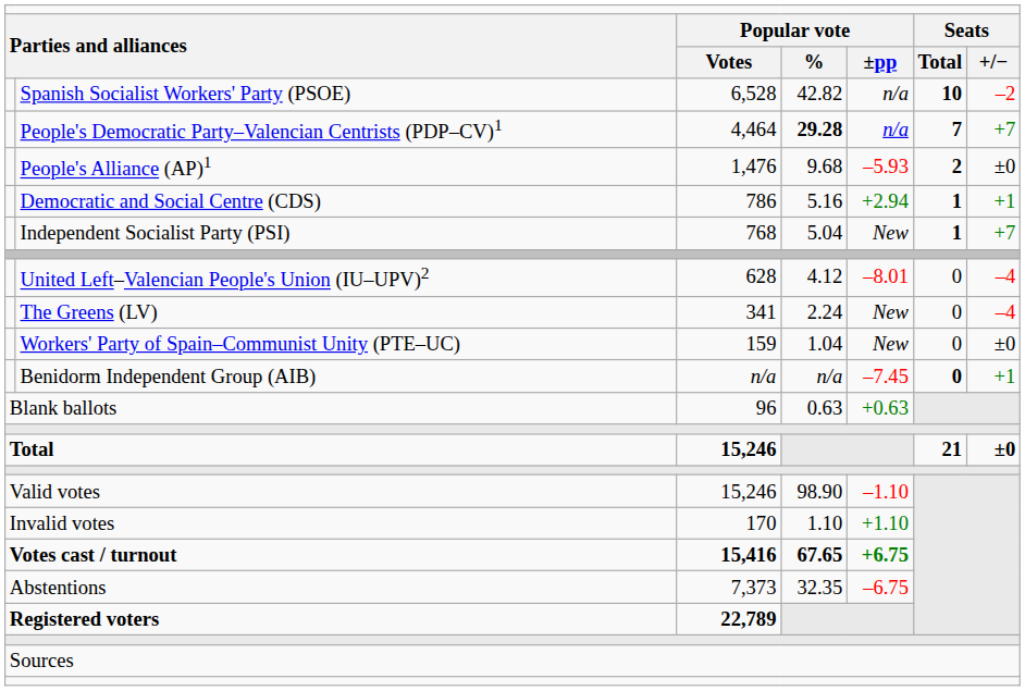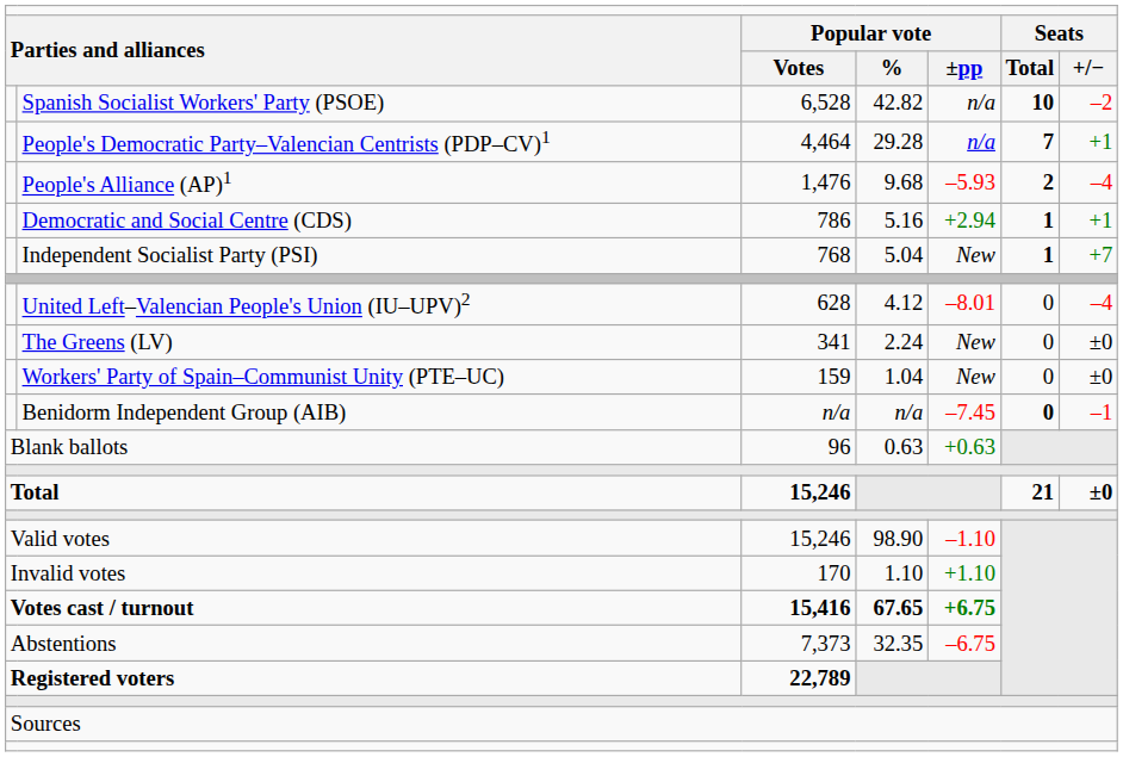 <table class="wikitable" style="text-align:right;">
 <tr>
 <td colspan="7"></td>
 </tr>
 <tr>
 <th style="text-align:left;" rowspan="2" colspan="2" width="525">Parties and alliances</th>
 <th colspan="3">Popular vote</th>
 <th colspan="2">Seats</th>
 </tr>
 <tr>
 <th width="75">Votes</th>
 <th width="45">%</th>
 <th width="45">±<a href='#'>pp</a></th>
 <th width="35">Total</th>
 <th width="35">+/−</th>
 </tr>
 <tr>
 <td width="1" style="color:inherit;background:"></td>
 <td align="left"><a href='#'>Spanish Socialist Workers' Party</a> (PSOE)</td>
 <td>6,528</td>
 <td>42.82</td>
 <td><em>n/a</em></td>
 <td><strong>10</strong></td>
 <td style="color:red;">–2</td>
 </tr>
 <tr>
 <td style="color:inherit;background:"></td>
 <td align="left"><a href='#'>People's Democratic Party–Valencian Centrists</a> (PDP–CV)<sup>1</sup></td>
 <td>4,464</td>
-<td><strong>29.28</strong></td>
+<td>29.28</td>
 <td><em><a href='#'>n/a</a></em></td>
 <td><strong>7</strong></td>
-<td style="color:green;">+7</td>
+<td style="color:green;">+1</td>
 </tr>
 <tr>
 <td style="color:inherit;background:"></td>
 <td align="left"><a href='#'>People's Alliance</a> (AP)<sup>1</sup></td>
 <td>1,476</td>
 <td>9.68</td>
 <td style="color:red;">–5.93</td>
 <td><strong>2</strong></td>
-<td>±0</td>
+<td style="color:red;">–4</td>
 </tr>
 <tr>
 <td style="color:inherit;background:"></td>
 <td align="left"><a href='#'>Democratic and Social Centre</a> (CDS)</td>
 <td>786</td>
 <td>5.16</td>
 <td style="color:green;">+2.94</td>
 <td><strong>1</strong></td>
 <td style="color:green;">+1</td>
 </tr>
 <tr>
 <td style="color:inherit;background:"></td>
 <td align="left">Independent Socialist Party (PSI)</td>
 <td>768</td>
 <td>5.04</td>
 <td><em>New</em></td>
 <td><strong>1</strong></td>
 <td style="color:green;">+7</td>
 </tr>
 <tr>
 <td colspan="7" bgcolor="#C0C0C0"></td>
 </tr>
 <tr>
 <td style="color:inherit;background:"></td>
 <td align="left"><a href='#'>United Left</a>–<a href='#'>Valencian People's Union</a> (IU–UPV)<sup>2</sup></td>
 <td>628</td>
 <td>4.12</td>
 <td style="color:red;">–8.01</td>
 <td>0</td>
 <td style="color:red;">–4</td>
 </tr>
 <tr>
 <td style="color:inherit;background:"></td>
 <td align="left"><a href='#'>The Greens</a> (LV)</td>
 <td>341</td>
 <td>2.24</td>
 <td><em>New</em></td>
 <td>0</td>
-<td style="color:red;">–4</td>
+<td>±0</td>
 </tr>
 <tr>
 <td style="color:inherit;background:"></td>
 <td align="left"><a href='#'>Workers' Party of Spain–Communist Unity</a> (PTE–UC)</td>
 <td>159</td>
 <td>1.04</td>
 <td><em>New</em></td>
 <td>0</td>
 <td>±0</td>
 </tr>
 <tr>
 <td style="color:inherit;background:"></td>
 <td align="left">Benidorm Independent Group (AIB)</td>
 <td><em>n/a</em></td>
 <td><em>n/a</em></td>
 <td style="color:red;">–7.45</td>
 <td><strong>0</strong></td>
-<td style="color:green;">+1</td>
+<td style="color:red;">–1</td>
 </tr>
 <tr>
 <td align="left" colspan="2">Blank ballots</td>
 <td>96</td>
 <td>0.63</td>
 <td style="color:green;">+0.63</td>
 <td bgcolor="#E9E9E9" colspan="2"></td>
 </tr>
 <tr>
 <td colspan="7" bgcolor="#E9E9E9"></td>
 </tr>
 <tr style="font-weight:bold;">
 <td align="left" colspan="2">Total</td>
 <td>15,246</td>
 <td bgcolor="#E9E9E9" colspan="2"></td>
 <td>21</td>
 <td>±0</td>
 </tr>
 <tr>
 <td colspan="7" bgcolor="#E9E9E9"></td>
 </tr>
 <tr>
 <td align="left" colspan="2">Valid votes</td>
 <td>15,246</td>
 <td>98.90</td>
 <td style="color:red;">–1.10</td>
 <td bgcolor="#E9E9E9" colspan="2" rowspan="5"></td>
 </tr>
 <tr>
 <td align="left" colspan="2">Invalid votes</td>
 <td>170</td>
 <td>1.10</td>
 <td style="color:green;">+1.10</td>
 </tr>
 <tr style="font-weight:bold;">
 <td align="left" colspan="2">Votes cast / turnout</td>
 <td>15,416</td>
 <td>67.65</td>
 <td style="color:green;">+6.75</td>
 </tr>
 <tr>
 <td align="left" colspan="2">Abstentions</td>
 <td>7,373</td>
 <td>32.35</td>
 <td style="color:red;">–6.75</td>
 </tr>
 <tr style="font-weight:bold;">
 <td align="left" colspan="2">Registered voters</td>
 <td>22,789</td>
 <td bgcolor="#E9E9E9" colspan="2"></td>
 </tr>
 <tr>
 <td colspan="7" bgcolor="#E9E9E9"></td>
 </tr>
 <tr>
 <td align="left" colspan="7">Sources</td>
 </tr>
 <tr>
 <td colspan="7" style="text-align:left; max-width:790px;"></td>
 </tr>
 </table>
